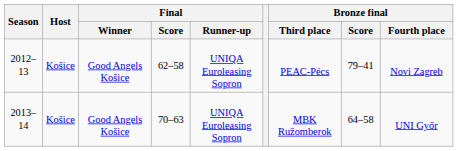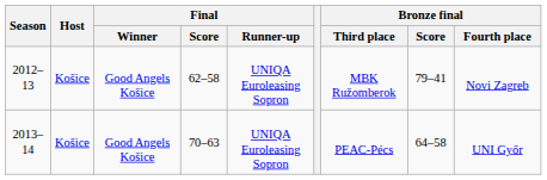 <table class=wikitable style="text-align:center; font-size:90%; width:100%">
 <tr>
 <th rowspan=2 width=7%>Season</th>
 <th rowspan=2 width=7%>Host</th>
 <th colspan=3>Final</th>
 <th width=1% rowspan=4></th>
 <th colspan=3>Bronze final</th>
 </tr>
 <tr>
 <th width=15%>Winner</th>
 <th width=8%>Score</th>
 <th width=15%>Runner-up</th>
 <th width=15%>Third place</th>
 <th width=8%>Score</th>
 <th width=15%>Fourth place</th>
 </tr>
 <tr>
 <td>2012–13</td>
 <td> <a href='#'>Košice</a></td>
 <td><br><a href='#'>Good Angels Košice</a></td>
 <td>62–58</td>
 <td><br><a href='#'>UNIQA Euroleasing Sopron</a></td>
-<td><br><a href='#'>PEAC-Pécs</a></td>
+<td><br><a href='#'>MBK Ružomberok</a></td>
 <td>79–41</td>
 <td><br><a href='#'>Novi Zagreb</a></td>
 </tr>
 <tr>
 <td>2013–14</td>
 <td> <a href='#'>Košice</a></td>
 <td><br><a href='#'>Good Angels Košice</a></td>
 <td>70–63</td>
 <td><br><a href='#'>UNIQA Euroleasing Sopron</a></td>
-<td><br><a href='#'>MBK Ružomberok</a></td>
+<td><br><a href='#'>PEAC-Pécs</a></td>
 <td>64–58</td>
 <td><br><a href='#'>UNI Győr</a></td>
 </tr>
 </table>
